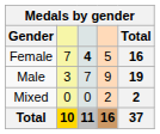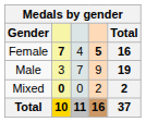 <table class="wikitable" style="font-size:85%">
 <tr style="background:#efefef;">
 <th colspan=6>Medals by gender</th>
 </tr>
 <tr align=center>
 <th>Gender</th>
 <td bgcolor=F7F6A8></td>
 <td bgcolor=DCE5E5></td>
 <td bgcolor=FFDAB9></td>
 <th>Total</th>
 </tr>
 <tr align=center>
 <td>Female</td>
-<td bgcolor=F7F6A8>7</td>
-<td bgcolor=DCE5E5><strong>4</strong></td>
-<td bgcolor=FFDAB9>5</td>
+<td bgcolor=F7F6A8><strong>7</strong></td>
+<td bgcolor=DCE5E5>4</td>
+<td bgcolor=FFDAB9><strong>5</strong></td>
 <th>16</th>
 </tr>
 <tr align=center>
 <td>Male</td>
 <td bgcolor=F7F6A8>3</td>
 <td bgcolor=DCE5E5>7</td>
 <td bgcolor=FFDAB9>9</td>
 <th>19</th>
 </tr>
 <tr align=center>
 <td>Mixed</td>
-<td bgcolor=F7F6A8>0</td>
+<td bgcolor=F7F6A8><strong>0</strong></td>
 <td bgcolor=DCE5E5>0</td>
 <td bgcolor=FFDAB9>2</td>
 <th>2</th>
 </tr>
 <tr align=center>
 <th>Total</th>
 <th style=background:gold>10</th>
 <th style=background:silver>11</th>
 <th style=background:#c96>16</th>
 <th>37</th>
 </tr>
 </table>
